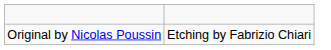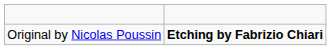 <table class="wikitable floatright">
 <tr>
 <td></td>
 <td><br></td>
 </tr>
 <tr>
 <td>Original by <a href='#'>Nicolas Poussin</a></td>
-<td>Etching by Fabrizio Chiari</td>
+<td><strong>Etching by Fabrizio Chiari</strong></td>
 </tr>
 </table>
